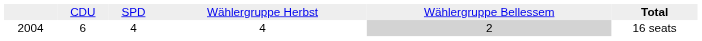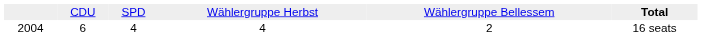 <table border="0" cellpadding="2" cellspacing="0" width="60%">
 <tr bgcolor="#eeeeee" align="center">
 <td></td>
 <td><a href='#'>CDU</a></td>
 <td><a href='#'>SPD</a></td>
 <td><a href='#'>Wählergruppe Herbst</a></td>
 <td><a href='#'>Wählergruppe Bellessem</a></td>
 <td><strong>Total</strong></td>
 </tr>
 <tr align="center">
 <td>2004</td>
 <td>6</td>
 <td>4</td>
 <td>4</td>
-<td style="background: lightgrey;">2</td>
+<td>2</td>
 <td>16 seats</td>
 </tr>
 </table>
